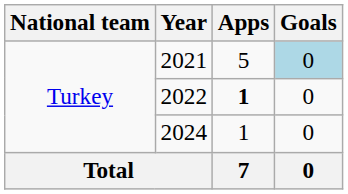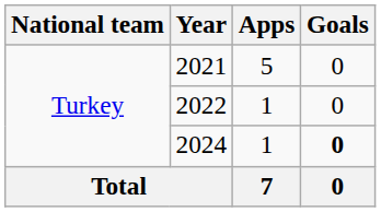 <table class="wikitable" style="text-align: center;">
 <tr>
 <th>National team</th>
 <th>Year</th>
 <th>Apps</th>
 <th>Goals</th>
 </tr>
 <tr>
 <td rowspan="3"><a href='#'>Turkey</a></td>
 <td>2021</td>
 <td>5</td>
-<td style="background: lightblue;">0</td>
+<td>0</td>
 </tr>
 <tr>
 <td>2022</td>
-<td><strong>1</strong></td>
+<td>1</td>
 <td>0</td>
 </tr>
 <tr>
 <td>2024</td>
 <td>1</td>
-<td>0</td>
+<td><strong>0</strong></td>
 </tr>
 <tr>
 <th colspan="2">Total</th>
 <th>7</th>
 <th>0</th>
 </tr>
 </table>
